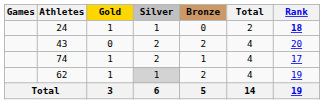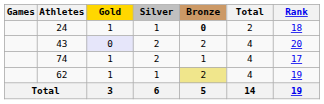 <table class="wikitable" style="text-align:center; font-size:90%;">
 <tr>
 <th>Games</th>
 <th>Athletes</th>
 <td style="background:gold; width:4.5em; font-weight:bold;">Gold</td>
 <td style="background:silver; width:4.5em; font-weight:bold;">Silver</td>
 <td style="background:#cc9966; width:4.5em; font-weight:bold;">Bronze</td>
 <th style="width:4.5em; font-weight:bold;">Total</th>
 <th style="width:4.5em; font-weight:bold;"><a href='#'>Rank</a></th>
 </tr>
 <tr>
 <td align=left></td>
 <td>24</td>
 <td>1</td>
 <td>1</td>
-<td>0</td>
+<td><strong>0</strong></td>
 <td>2</td>
-<td><strong><a href='#'>18</a></strong></td>
+<td><a href='#'>18</a></td>
 </tr>
 <tr>
 <td align=left></td>
 <td>43</td>
-<td>0</td>
+<td style="background: lavender;">0</td>
 <td>2</td>
 <td>2</td>
 <td>4</td>
 <td><a href='#'>20</a></td>
 </tr>
 <tr>
 <td align=left></td>
 <td>74</td>
 <td>1</td>
 <td>2</td>
 <td>1</td>
 <td>4</td>
 <td><a href='#'>17</a></td>
 </tr>
 <tr>
 <td align=left></td>
 <td>62</td>
 <td>1</td>
-<td style="background: lightgrey;">1</td>
-<td>2</td>
+<td>1</td>
+<td style="background: khaki;">2</td>
 <td>4</td>
 <td><a href='#'>19</a></td>
 </tr>
 <tr>
 <th colspan=2>Total</th>
 <th>3</th>
 <th>6</th>
 <th>5</th>
 <th>14</th>
 <th><a href='#'>19</a></th>
 </tr>
 </table>
